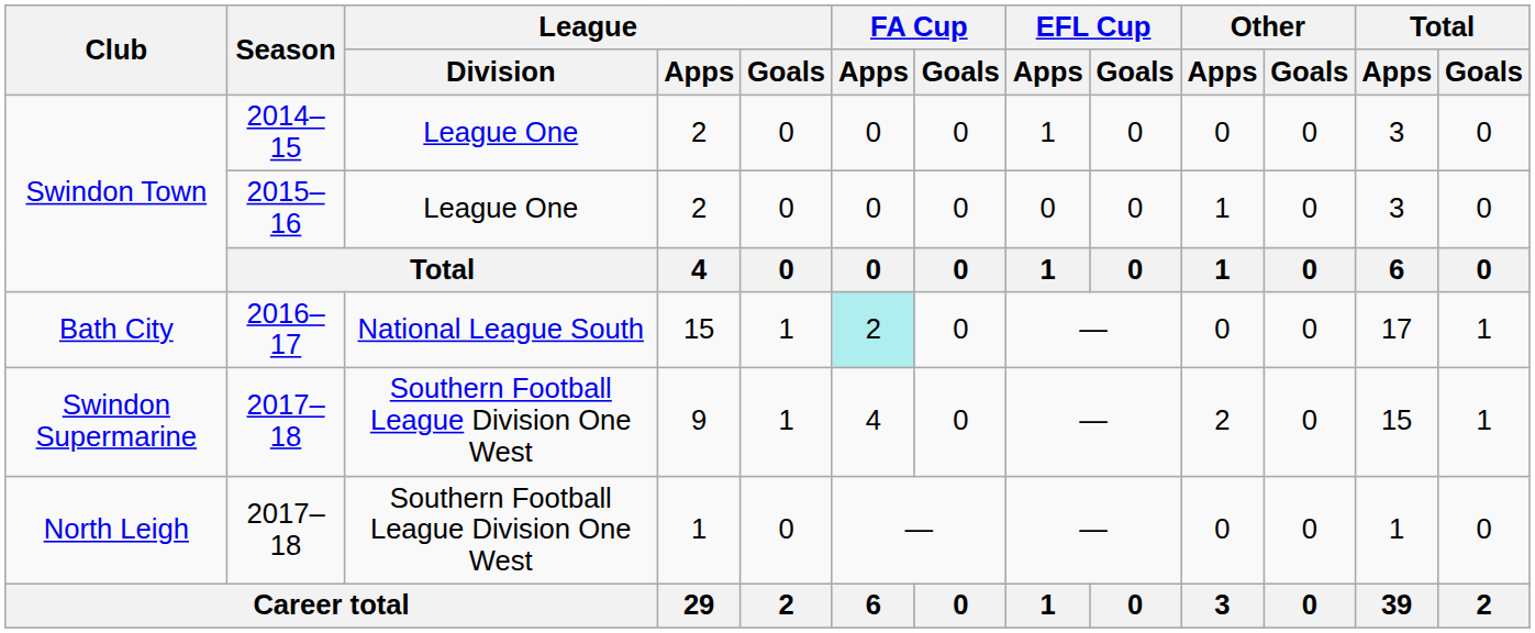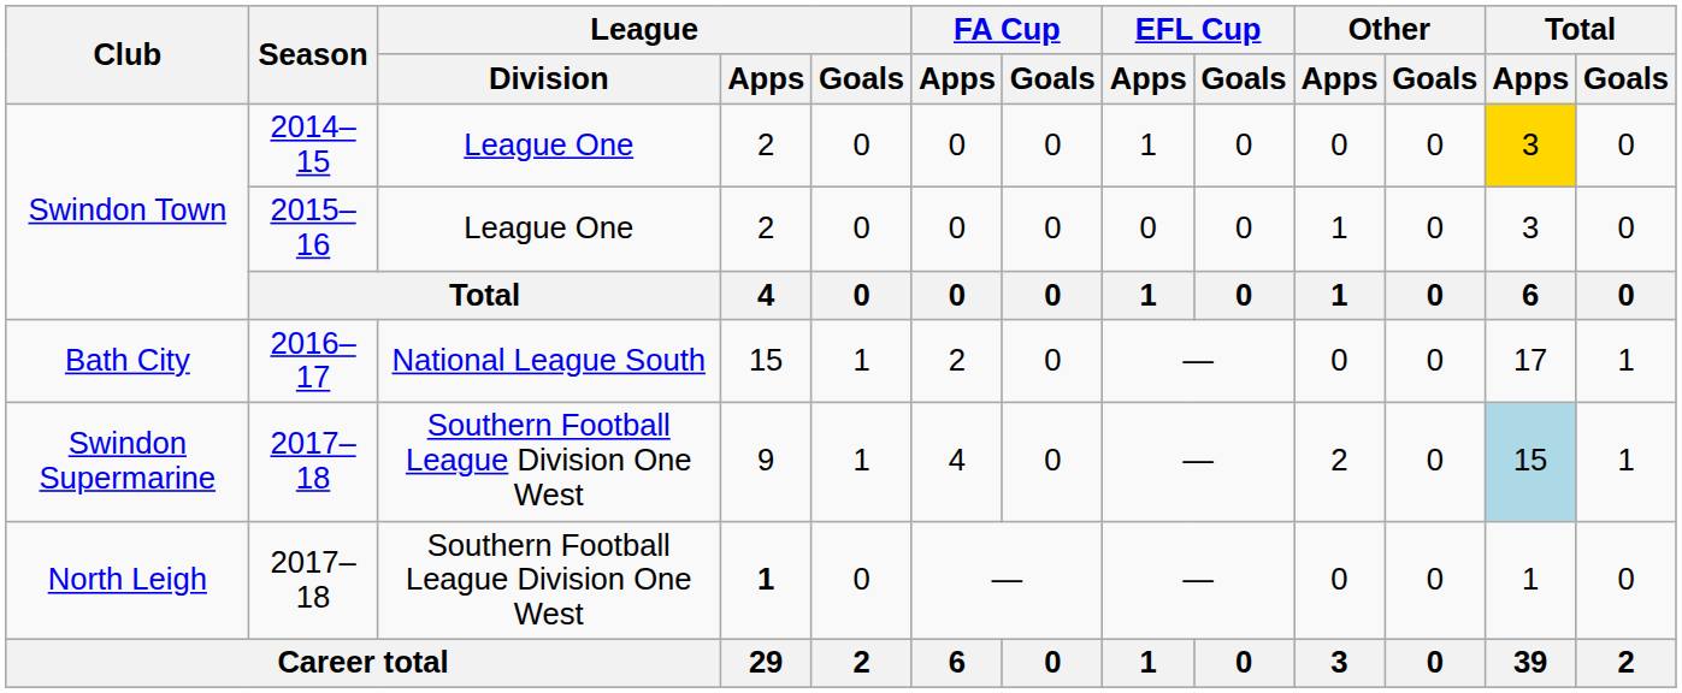 <table class="wikitable" style="text-align: center">
 <tr>
 <th rowspan=2>Club</th>
 <th rowspan=2>Season</th>
 <th colspan=3>League</th>
 <th colspan=2><a href='#'>FA Cup</a></th>
 <th colspan=2><a href='#'>EFL Cup</a></th>
 <th colspan=2>Other</th>
 <th colspan=2>Total</th>
 </tr>
 <tr>
 <th>Division</th>
 <th>Apps</th>
 <th>Goals</th>
 <th>Apps</th>
 <th>Goals</th>
 <th>Apps</th>
 <th>Goals</th>
 <th>Apps</th>
 <th>Goals</th>
 <th>Apps</th>
 <th>Goals</th>
 </tr>
 <tr>
 <td rowspan="3"><a href='#'>Swindon Town</a></td>
 <td><a href='#'>2014–15</a></td>
 <td><a href='#'>League One</a></td>
 <td>2</td>
 <td>0</td>
 <td>0</td>
 <td>0</td>
 <td>1</td>
 <td>0</td>
 <td>0</td>
 <td>0</td>
-<td>3</td>
+<td style="background: gold;">3</td>
 <td>0</td>
 </tr>
 <tr>
 <td><a href='#'>2015–16</a></td>
 <td>League One</td>
 <td>2</td>
 <td>0</td>
 <td>0</td>
 <td>0</td>
 <td>0</td>
 <td>0</td>
 <td>1</td>
 <td>0</td>
 <td>3</td>
 <td>0</td>
 </tr>
 <tr>
 <th colspan="2">Total</th>
 <th>4</th>
 <th>0</th>
 <th>0</th>
 <th>0</th>
 <th>1</th>
 <th>0</th>
 <th>1</th>
 <th>0</th>
 <th>6</th>
 <th>0</th>
 </tr>
 <tr>
 <td rowspan="1"><a href='#'>Bath City</a></td>
 <td><a href='#'>2016–17</a></td>
 <td><a href='#'>National League South</a></td>
 <td>15</td>
 <td>1</td>
-<td style="background: paleturquoise;">2</td>
+<td>2</td>
 <td>0</td>
 <td colspan="2">—</td>
 <td>0</td>
 <td>0</td>
 <td>17</td>
 <td>1</td>
 </tr>
 <tr>
 <td rowspan="1"><a href='#'>Swindon Supermarine</a></td>
 <td><a href='#'>2017–18</a></td>
 <td><a href='#'>Southern Football League</a> Division One West</td>
 <td>9</td>
 <td>1</td>
 <td>4</td>
 <td>0</td>
 <td colspan="2">—</td>
 <td>2</td>
 <td>0</td>
-<td>15</td>
+<td style="background: lightblue;">15</td>
 <td>1</td>
 </tr>
 <tr>
 <td rowspan="1"><a href='#'>North Leigh</a></td>
 <td>2017–18</td>
 <td>Southern Football League Division One West</td>
-<td>1</td>
+<td><strong>1</strong></td>
 <td>0</td>
 <td colspan="2">—</td>
 <td colspan="2">—</td>
 <td>0</td>
 <td>0</td>
 <td>1</td>
 <td>0</td>
 </tr>
 <tr>
 <th colspan="3">Career total</th>
 <th>29</th>
 <th>2</th>
 <th>6</th>
 <th>0</th>
 <th>1</th>
 <th>0</th>
 <th>3</th>
 <th>0</th>
 <th>39</th>
 <th>2</th>
 </tr>
 </table>
